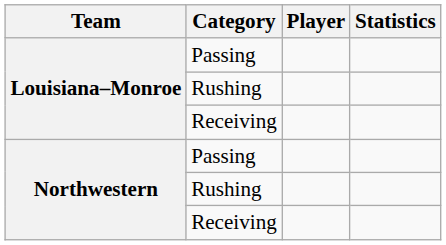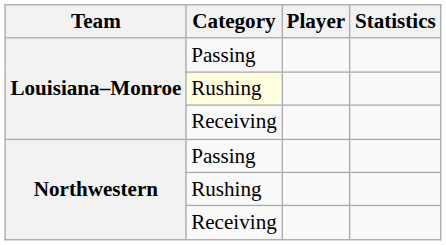 <table class="wikitable" style="float:right">
 <tr>
 <th>Team</th>
 <th>Category</th>
 <th>Player</th>
 <th>Statistics</th>
 </tr>
 <tr>
 <th rowspan=3>Louisiana–Monroe</th>
 <td>Passing</td>
 <td></td>
 <td></td>
 </tr>
 <tr>
-<td>Rushing</td>
+<td style="background: lightyellow;">Rushing</td>
 <td></td>
 <td></td>
 </tr>
 <tr>
 <td>Receiving</td>
 <td></td>
 <td></td>
 </tr>
 <tr>
 <th rowspan=3>Northwestern</th>
 <td>Passing</td>
 <td></td>
 <td></td>
 </tr>
 <tr>
 <td>Rushing</td>
 <td></td>
 <td></td>
 </tr>
 <tr>
 <td>Receiving</td>
 <td></td>
 <td></td>
 </tr>
 </table>
